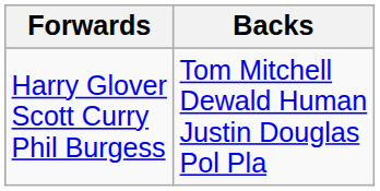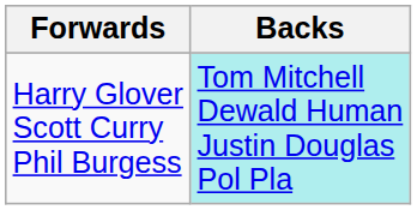 <table class=wikitable style="text-align: left;">
 <tr>
 <th align=center>Forwards</th>
 <th align=center>Backs</th>
 </tr>
 <tr>
 <td> <a href='#'>Harry Glover</a> <br>  <a href='#'>Scott Curry</a> <br>  <a href='#'>Phil Burgess</a></td>
-<td> <a href='#'>Tom Mitchell</a> <br>  <a href='#'>Dewald Human</a> <br>  <a href='#'>Justin Douglas</a> <br>  <a href='#'>Pol Pla</a></td>
+<td style="background: paleturquoise;"> <a href='#'>Tom Mitchell</a> <br>  <a href='#'>Dewald Human</a> <br>  <a href='#'>Justin Douglas</a> <br>  <a href='#'>Pol Pla</a></td>
 </tr>
 </table>
